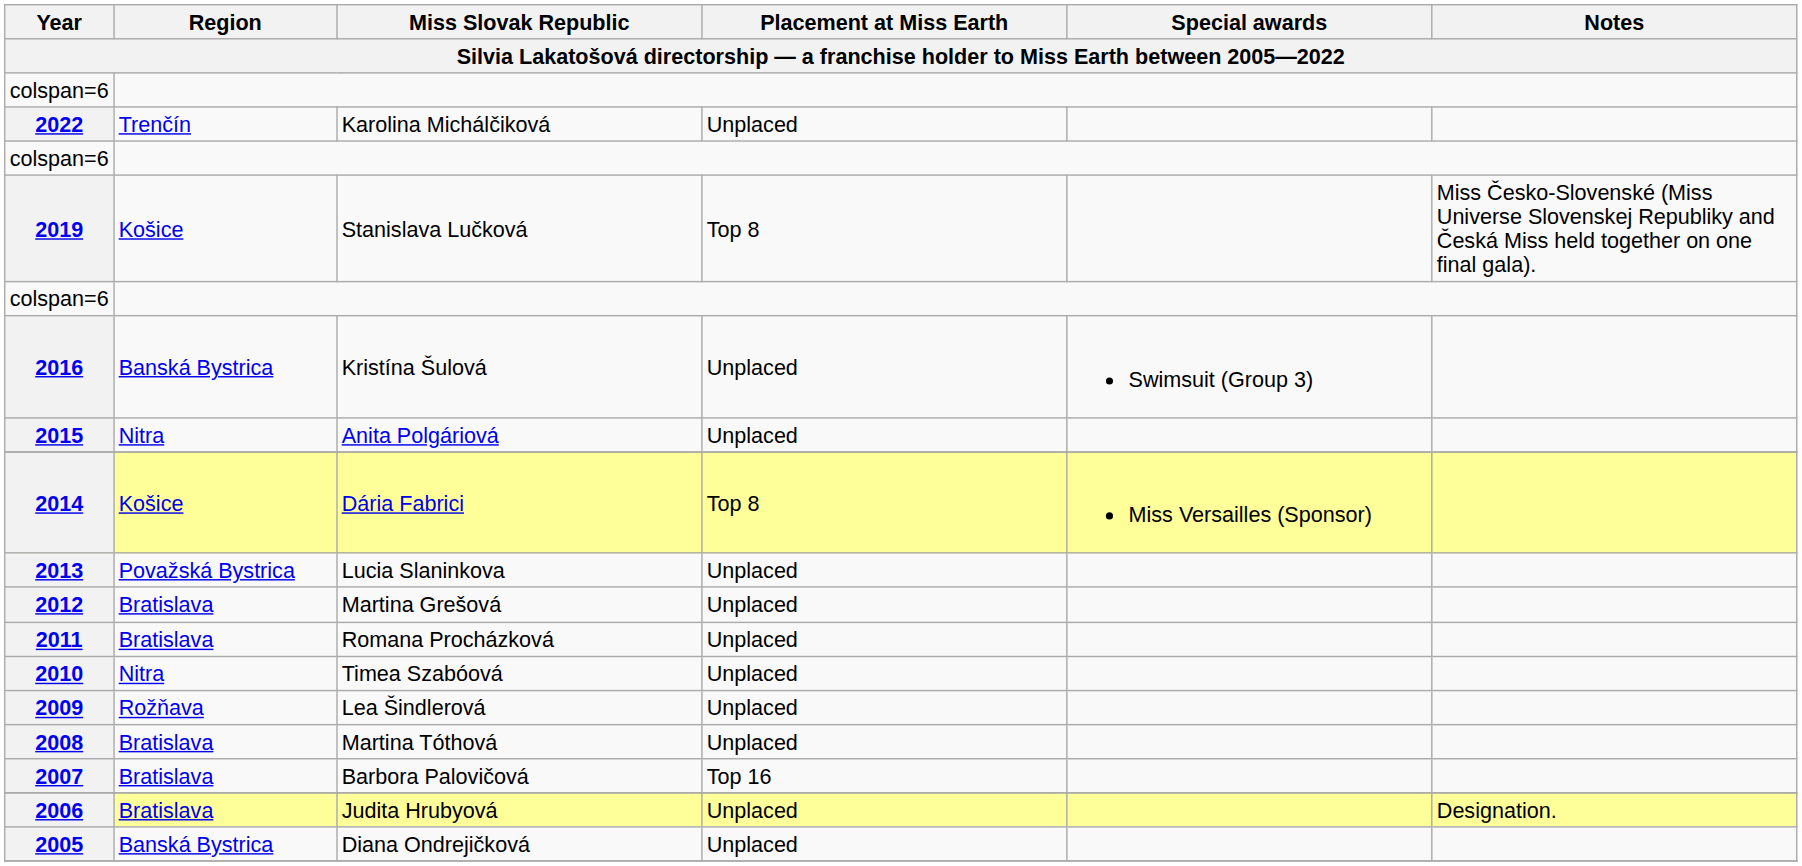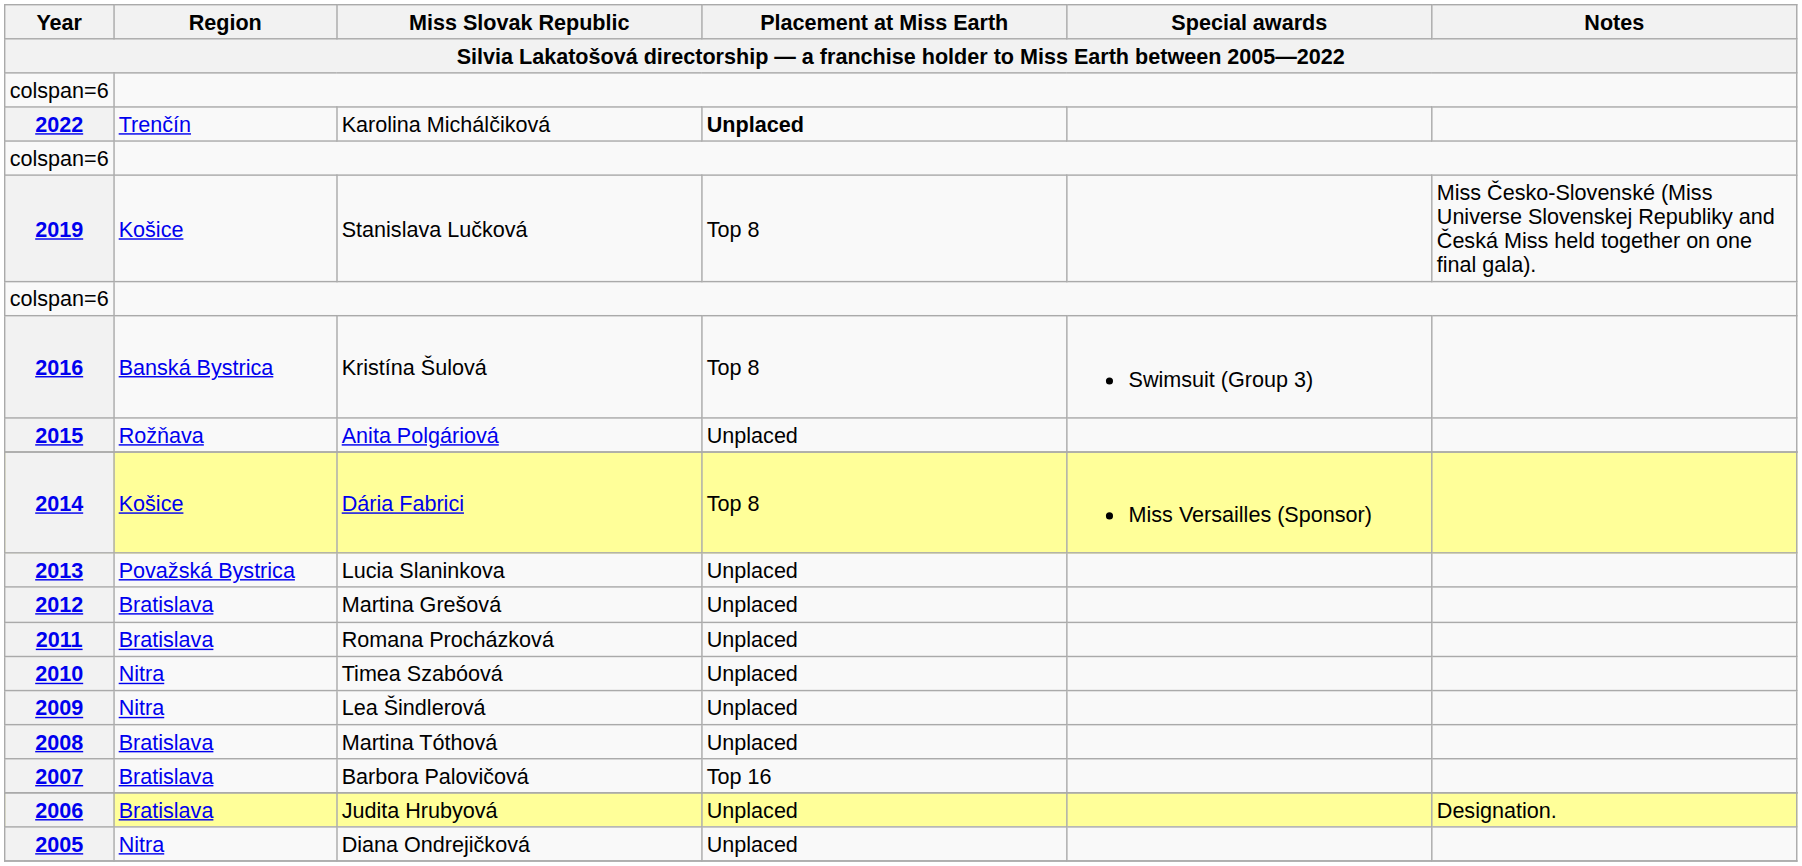 <table class="wikitable " style="font-size: 95%;">
 <tr>
 <th width="60">Year</th>
 <th width="150">Region</th>
 <th width="250">Miss Slovak Republic</th>
 <th width="250">Placement at Miss Earth</th>
 <th width="250">Special awards</th>
 <th width="250">Notes</th>
 </tr>
 <tr>
 <th colspan="6">Silvia Lakatošová directorship — a franchise holder to Miss Earth between 2005―2022</th>
 </tr>
 <tr>
 <td>colspan=6 </td>
 </tr>
 <tr>
 <th><a href='#'>2022</a></th>
 <td><a href='#'>Trenčín</a></td>
 <td>Karolina Michálčiková</td>
-<td>Unplaced</td>
+<td><strong>Unplaced</strong></td>
 <td></td>
 <td></td>
 </tr>
 <tr>
 <td>colspan=6 </td>
 </tr>
 <tr>
 <th><a href='#'>2019</a></th>
 <td><a href='#'>Košice</a></td>
 <td>Stanislava Lučková</td>
 <td>Top 8</td>
 <td></td>
 <td>Miss Česko-Slovenské (Miss Universe Slovenskej Republiky and Česká Miss held together on one final gala).</td>
 </tr>
 <tr>
 <td>colspan=6 </td>
 </tr>
 <tr>
 <th><a href='#'>2016</a></th>
 <td><a href='#'>Banská Bystrica</a></td>
 <td>Kristína Šulová</td>
-<td>Unplaced</td>
+<td>Top 8</td>
 <td align="left"><br><ul><li> Swimsuit (Group 3)</li></ul></td>
 <td></td>
 </tr>
 <tr>
 <th><a href='#'>2015</a></th>
-<td><a href='#'>Nitra</a></td>
+<td><a href='#'>Rožňava</a></td>
 <td><a href='#'>Anita Polgáriová</a></td>
 <td>Unplaced</td>
 <td></td>
 <td></td>
 </tr>
 <tr>
 </tr>
 <tr style="background-color:#FFFF99; ">
 <th><a href='#'>2014</a></th>
 <td><a href='#'>Košice</a></td>
 <td><a href='#'>Dária Fabrici</a></td>
 <td>Top 8</td>
 <td align="left"><br><ul><li>Miss Versailles (Sponsor)</li></ul></td>
 <td></td>
 </tr>
 <tr>
 <th><a href='#'>2013</a></th>
 <td><a href='#'>Považská Bystrica</a></td>
 <td>Lucia Slaninkova</td>
 <td>Unplaced</td>
 <td></td>
 <td></td>
 </tr>
 <tr>
 <th><a href='#'>2012</a></th>
 <td><a href='#'>Bratislava</a></td>
 <td>Martina Grešová</td>
 <td>Unplaced</td>
 <td></td>
 <td></td>
 </tr>
 <tr>
 <th><a href='#'>2011</a></th>
 <td><a href='#'>Bratislava</a></td>
 <td>Romana Procházková</td>
 <td>Unplaced</td>
 <td></td>
 <td></td>
 </tr>
 <tr>
 <th><a href='#'>2010</a></th>
 <td><a href='#'>Nitra</a></td>
 <td>Timea Szabóová</td>
 <td>Unplaced</td>
 <td></td>
 <td></td>
 </tr>
 <tr>
 <th><a href='#'>2009</a></th>
-<td><a href='#'>Rožňava</a></td>
+<td><a href='#'>Nitra</a></td>
 <td>Lea Šindlerová</td>
 <td>Unplaced</td>
 <td></td>
 <td></td>
 </tr>
 <tr>
 <th><a href='#'>2008</a></th>
 <td><a href='#'>Bratislava</a></td>
 <td>Martina Tóthová</td>
 <td>Unplaced</td>
 <td></td>
 <td></td>
 </tr>
 <tr>
 <th><a href='#'>2007</a></th>
 <td><a href='#'>Bratislava</a></td>
 <td>Barbora Palovičová</td>
 <td>Top 16</td>
 <td></td>
 <td></td>
 </tr>
 <tr>
 </tr>
 <tr style="background-color:#FFFF99;">
 <th><a href='#'>2006</a></th>
 <td><a href='#'>Bratislava</a></td>
 <td>Judita Hrubyová</td>
 <td>Unplaced</td>
 <td></td>
 <td>Designation.</td>
 </tr>
 <tr>
 <th><a href='#'>2005</a></th>
-<td><a href='#'>Banská Bystrica</a></td>
+<td><a href='#'>Nitra</a></td>
 <td>Diana Ondrejičková</td>
 <td>Unplaced</td>
 <td></td>
 <td></td>
 </tr>
 <tr>
 </tr>
 </table>
